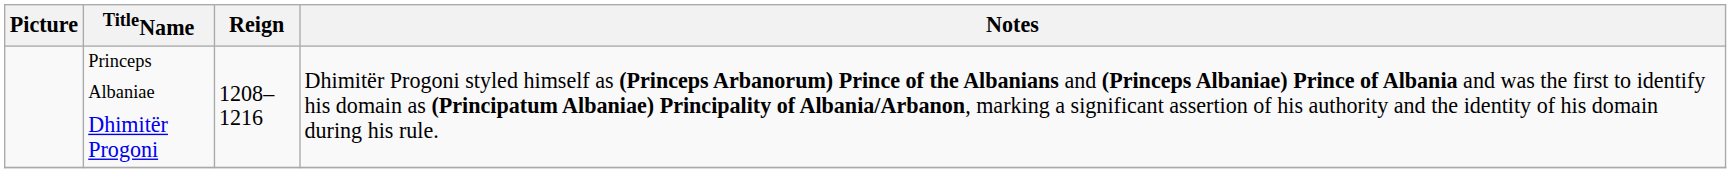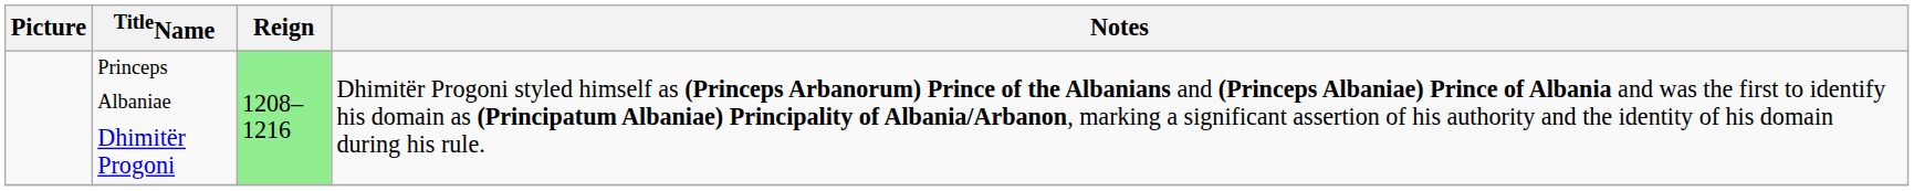 <table class="wikitable">
 <tr ->
 <th>Picture</th>
 <th><sup>Title</sup>Name</th>
 <th>Reign</th>
 <th>Notes</th>
 </tr>
 <tr ->
 <td></td>
 <td><sup>Princeps Albaniae </sup><br><a href='#'>Dhimitër Progoni</a></td>
-<td>1208–1216</td>
+<td style="background: lightgreen;">1208–1216</td>
 <td>Dhimitër Progoni styled himself as <strong>(Princeps Arbanorum) Prince of the Albanians</strong> and <strong>(Princeps Albaniae) Prince of Albania</strong> and was the first to identify his domain as <strong>(Principatum Albaniae) Principality of Albania/Arbanon</strong>, marking a significant assertion of his authority and the identity of his domain during his rule.</td>
 </tr>
 <tr ->
 </tr>
 </table>
